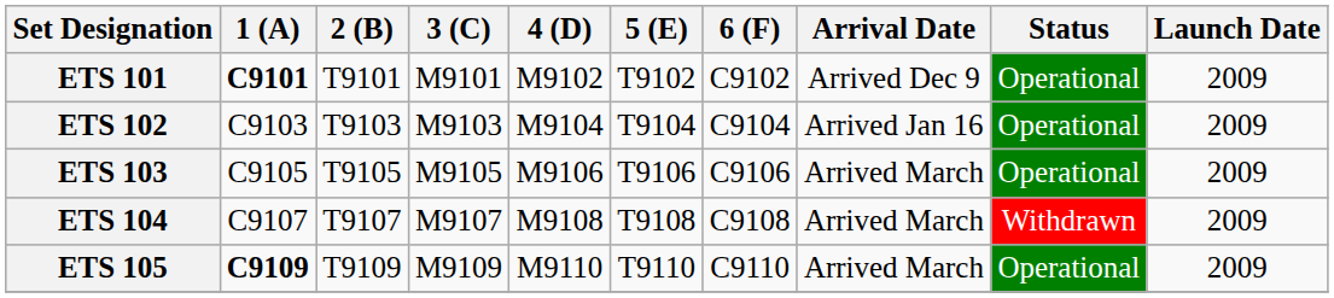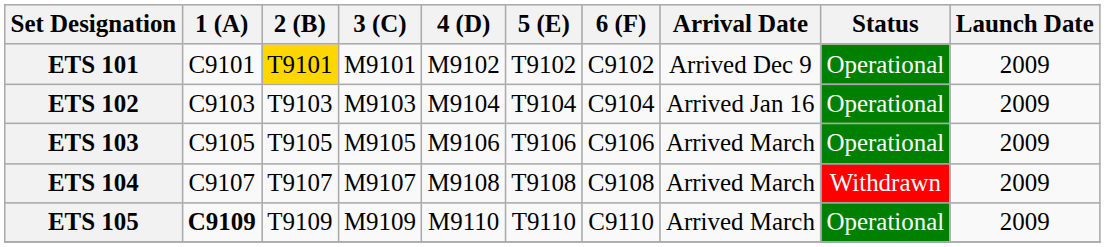 <table class="wikitable" style="text-align: center;">
 <tr>
 <th>Set Designation</th>
 <th>1 (A)</th>
 <th>2 (B)</th>
 <th>3 (C)</th>
 <th>4 (D)</th>
 <th>5 (E)</th>
 <th>6 (F)</th>
 <th>Arrival Date</th>
 <th>Status</th>
 <th>Launch Date</th>
 </tr>
 <tr>
 <th>ETS 101</th>
-<td><strong>C9101</strong></td>
-<td>T9101</td>
+<td>C9101</td>
+<td style="background: gold;">T9101</td>
 <td>M9101</td>
 <td>M9102</td>
 <td>T9102</td>
 <td>C9102</td>
 <td>Arrived Dec 9</td>
 <td style="background: green; color: white">Operational</td>
 <td>2009</td>
 </tr>
 <tr>
 <th>ETS 102</th>
 <td>C9103</td>
 <td>T9103</td>
 <td>M9103</td>
 <td>M9104</td>
 <td>T9104</td>
 <td>C9104</td>
 <td>Arrived Jan 16</td>
 <td style="background: green; color: white">Operational</td>
 <td>2009</td>
 </tr>
 <tr>
 <th>ETS 103</th>
 <td>C9105</td>
 <td>T9105</td>
 <td>M9105</td>
 <td>M9106</td>
 <td>T9106</td>
 <td>C9106</td>
 <td>Arrived March</td>
 <td style="background: green; color: white">Operational</td>
 <td>2009</td>
 </tr>
 <tr>
 <th>ETS 104</th>
 <td>C9107</td>
 <td>T9107</td>
 <td>M9107</td>
 <td>M9108</td>
 <td>T9108</td>
 <td>C9108</td>
 <td>Arrived March</td>
 <td style="background: red; color: white">Withdrawn</td>
 <td>2009</td>
 </tr>
 <tr>
 <th>ETS 105</th>
 <td><strong>C9109</strong></td>
 <td>T9109</td>
 <td>M9109</td>
 <td>M9110</td>
 <td>T9110</td>
 <td>C9110</td>
 <td>Arrived March</td>
 <td style="background: green; color: white">Operational</td>
 <td>2009</td>
 </tr>
 <tr>
 </tr>
 </table>
